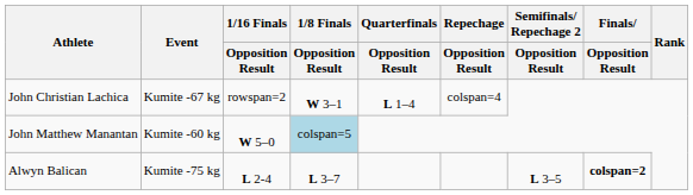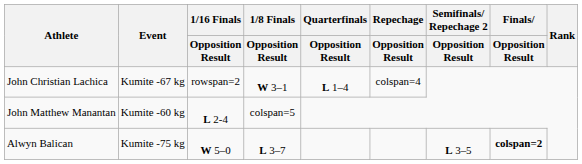 <table class=wikitable style="font-size:90%">
 <tr>
 <th rowspan=2>Athlete</th>
 <th rowspan=2>Event</th>
 <th>1/16 Finals</th>
 <th>1/8 Finals</th>
 <th>Quarterfinals</th>
 <th>Repechage</th>
 <th>Semifinals/<br>Repechage 2</th>
 <th>Finals/</th>
 <th rowspan=2>Rank</th>
 </tr>
 <tr>
 <th>Opposition<br>Result</th>
 <th>Opposition<br>Result</th>
 <th>Opposition<br>Result</th>
 <th>Opposition<br>Result</th>
 <th>Opposition<br>Result</th>
 <th>Opposition<br>Result</th>
 </tr>
 <tr align=center>
 <td align=left>John Christian Lachica</td>
 <td align=left>Kumite -67 kg</td>
 <td>rowspan=2 </td>
 <td><br><strong>W</strong> 3–1</td>
 <td><br><strong>L</strong> 1–4</td>
 <td>colspan=4 </td>
 </tr>
 <tr align=center>
 <td align=left>John Matthew Manantan</td>
 <td align=left>Kumite -60 kg</td>
-<td><br><strong>W</strong> 5–0</td>
-<td style="background: lightblue;">colspan=5 </td>
+<td><br><strong>L</strong> 2-4</td>
+<td>colspan=5 </td>
 </tr>
 <tr align=center>
 <td align=left>Alwyn Balican</td>
 <td align=left>Kumite -75 kg</td>
-<td><br><strong>L</strong> 2-4</td>
+<td><br><strong>W</strong> 5–0</td>
 <td><br><strong>L</strong>  3–7</td>
 <td></td>
 <td></td>
 <td><br><strong>L</strong>  3–5</td>
 <td><strong>colspan=2 </strong></td>
 </tr>
 </table>
